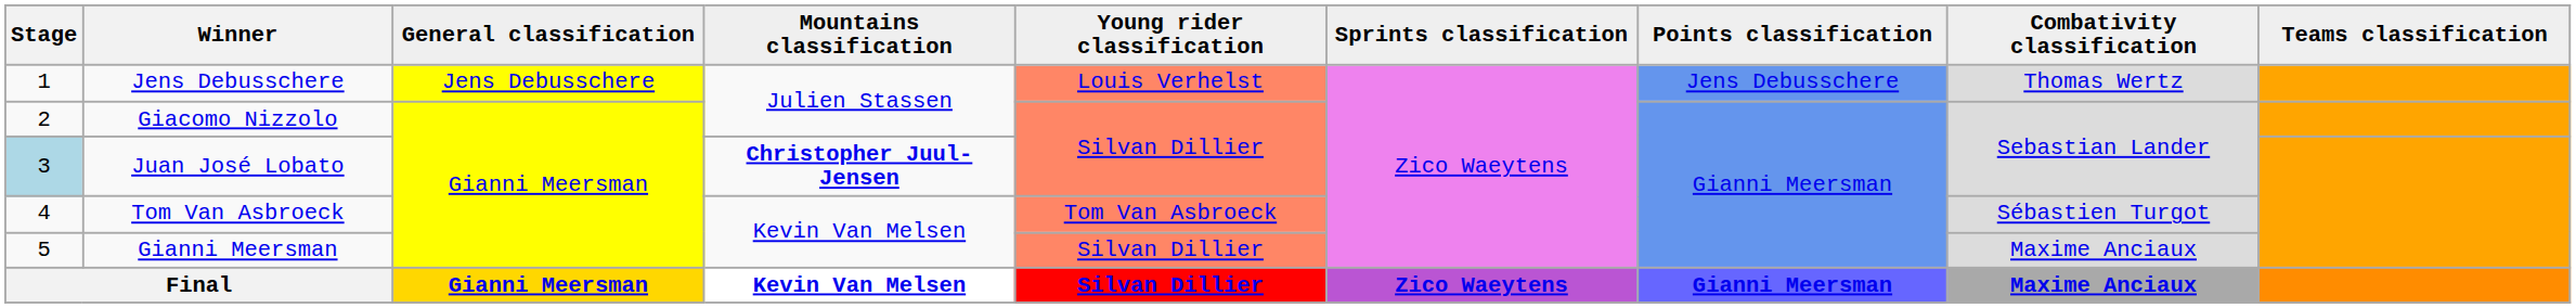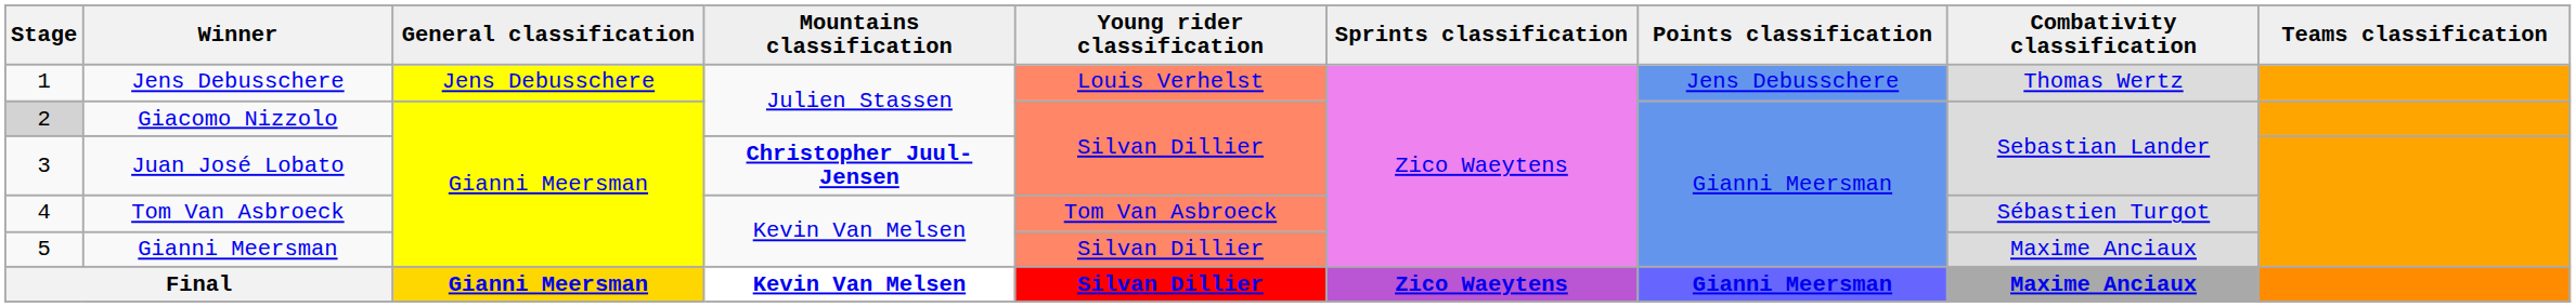 <table class="wikitable" style="text-align: center; font-size:smaller;">
 <tr>
 <th style="width:2%;">Stage</th>
 <th style="width:12.25%;">Winner</th>
 <th style="background:#efefef; width:12.25%;">General classification<br></th>
 <th style="background:#efefef; width:12.25%;">Mountains classification<br></th>
 <th style="background:#efefef; width:12.25%;">Young rider classification<br></th>
 <th style="background:#efefef; width:12.25%;">Sprints classification<br></th>
 <th style="background:#efefef; width:12.25%;">Points classification</th>
 <th style="background:#efefef; width:12.25%;">Combativity classification</th>
 <th style="background:#efefef; width:12.25%;">Teams classification</th>
 </tr>
 <tr>
 <td>1</td>
 <td><a href='#'>Jens Debusschere</a></td>
 <td style="background:yellow;"><a href='#'>Jens Debusschere</a></td>
 <td style="background:offwhite;" rowspan=2><a href='#'>Julien Stassen</a></td>
 <td style="background:#FF8666;"><a href='#'>Louis Verhelst</a></td>
 <td style="background:violet;" rowspan=5><a href='#'>Zico Waeytens</a></td>
 <td style="background:#6495ED;"><a href='#'>Jens Debusschere</a></td>
 <td style="background:#DCDCDC;"><a href='#'>Thomas Wertz</a></td>
 <td style="background:orange"></td>
 </tr>
 <tr>
-<td>2</td>
+<td style="background: lightgrey;">2</td>
 <td><a href='#'>Giacomo Nizzolo</a></td>
 <td style="background:yellow;" rowspan=4><a href='#'>Gianni Meersman</a></td>
 <td style="background:#FF8666;" rowspan=2><a href='#'>Silvan Dillier</a></td>
 <td style="background:#6495ED;" rowspan=4><a href='#'>Gianni Meersman</a></td>
 <td style="background:#DCDCDC;" rowspan=2><a href='#'>Sebastian Lander</a></td>
 <td style="background:orange"></td>
 </tr>
 <tr>
-<td style="background: lightblue;">3</td>
+<td>3</td>
 <td><a href='#'>Juan José Lobato</a></td>
 <td style="background:offwhite;"><strong><a href='#'>Christopher Juul-Jensen</a></strong></td>
 <td style="background:orange" rowspan=3></td>
 </tr>
 <tr>
 <td>4</td>
 <td><a href='#'>Tom Van Asbroeck</a></td>
 <td style="background:offwhite;" rowspan=2><a href='#'>Kevin Van Melsen</a></td>
 <td style="background:#FF8666;"><a href='#'>Tom Van Asbroeck</a></td>
 <td style="background:#DCDCDC;"><a href='#'>Sébastien Turgot</a></td>
 </tr>
 <tr>
 <td>5</td>
 <td><a href='#'>Gianni Meersman</a></td>
 <td style="background:#FF8666;"><a href='#'>Silvan Dillier</a></td>
 <td style="background:#DCDCDC;"><a href='#'>Maxime Anciaux</a></td>
 </tr>
 <tr>
 <th colspan="2">Final</th>
 <th style="background:gold"><a href='#'>Gianni Meersman</a></th>
 <th style="background:white"><a href='#'>Kevin Van Melsen</a></th>
 <th style="background:red;"><a href='#'>Silvan Dillier</a></th>
 <th style="background:mediumorchid;"><a href='#'>Zico Waeytens</a></th>
 <th style="background:#6666FF;"><a href='#'>Gianni Meersman</a></th>
 <th style="background:#A9A9A9;"><a href='#'>Maxime Anciaux</a></th>
 <th style="background:darkorange;"></th>
 </tr>
 </table>
